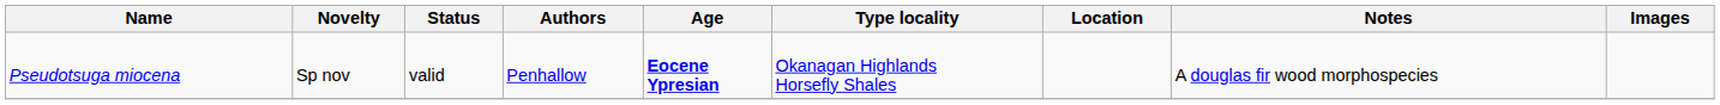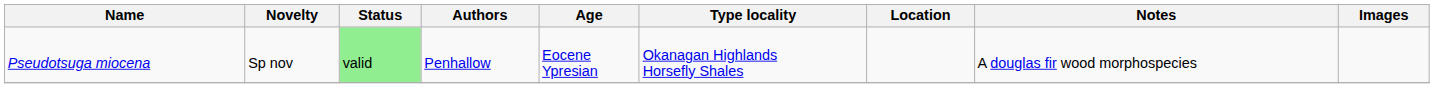 <table class="wikitable sortable" align="center" width="100%">
 <tr>
 <th>Name</th>
 <th>Novelty</th>
 <th>Status</th>
 <th>Authors</th>
 <th>Age</th>
 <th>Type locality</th>
 <th>Location</th>
 <th>Notes</th>
 <th>Images</th>
 </tr>
 <tr>
 <td><br><em><a href='#'>Pseudotsuga miocena</a></em></td>
 <td><br>Sp nov</td>
-<td><br>valid</td>
+<td style="background: lightgreen;"><br>valid</td>
 <td><br><a href='#'>Penhallow</a></td>
-<td><strong><br><a href='#'>Eocene</a><br><a href='#'>Ypresian</a></strong></td>
+<td><br><a href='#'>Eocene</a><br><a href='#'>Ypresian</a></td>
 <td><br><a href='#'>Okanagan Highlands</a><br><a href='#'>Horsefly Shales</a></td>
 <td><br><br></td>
 <td><br>A <a href='#'>douglas fir</a> wood morphospecies</td>
 <td><br></td>
 </tr>
 <tr>
 </tr>
 </table>
